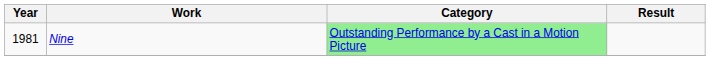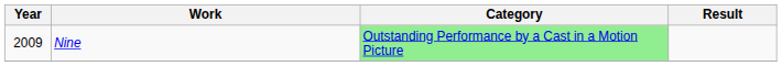 <table style="width: 75%;" class="wikitable">
 <tr>
 <th style="width:6%;"><strong>Year</strong></th>
 <th style="width:40%;"><strong>Work</strong></th>
 <th style="width:40%;"><strong>Category</strong></th>
 <th style="width:14%;"><strong>Result</strong></th>
 </tr>
 <tr>
-<td rowspan="1" style="text-align:center;">1981</td>
+<td rowspan="1" style="text-align:center;">2009</td>
 <td rowspan="1" width="100pt;" style="text-align:left;"><em><a href='#'>Nine</a></em></td>
 <td width="150pt" style="background: lightgreen;"><a href='#'>Outstanding Performance by a Cast in a Motion Picture</a></td>
 <td></td>
 </tr>
 <tr>
 </tr>
 </table>
